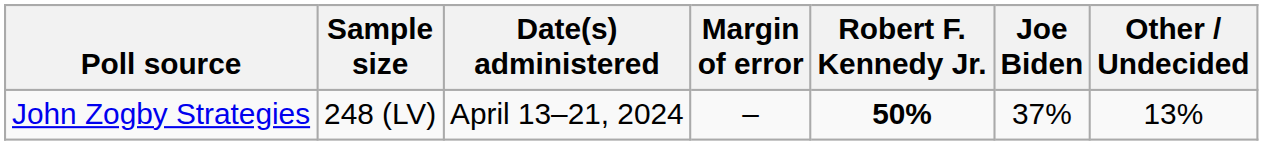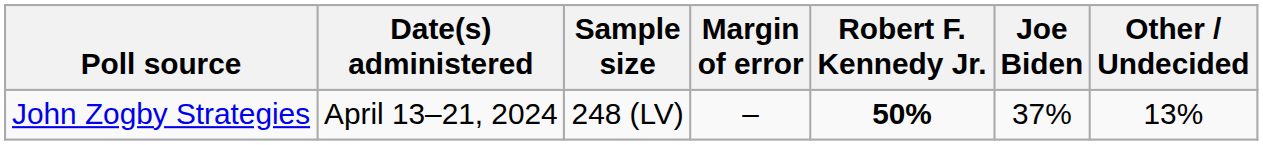 <table class="wikitable sortable mw-datatable" style="font-size:90%;text-align:center;line-height:17px">
 <tr valign=bottom>
 <th>Poll source</th>
+<th>Date(s)<br>administered</th>
 <th>Sample<br>size</th>
-<th>Date(s)<br>administered</th>
 <th>Margin<br>of error</th>
 <th class="unsortable">Robert F.<br>Kennedy Jr.<br></th>
 <th class="unsortable">Joe<br>Biden<br></th>
 <th class="unsortable">Other /<br>Undecided</th>
 </tr>
 <tr>
 <td style="text-align:left;"><a href='#'>John Zogby Strategies</a></td>
+<td data-sort-value="2024-05-01">April 13–21, 2024</td>
 <td>248 (LV)</td>
-<td data-sort-value="2024-05-01">April 13–21, 2024</td>
 <td>–</td>
 <td style="background-color:"><strong>50%</strong></td>
 <td>37%</td>
 <td>13%</td>
 </tr>
 </table>
